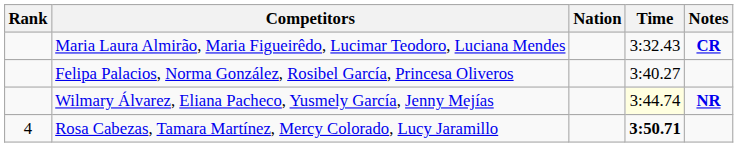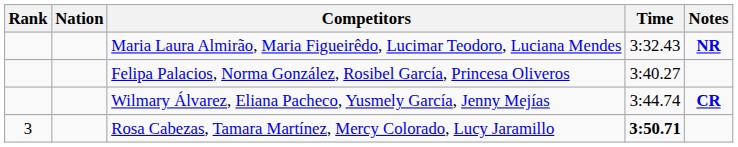 <table class="wikitable sortable" style="text-align:center; font-size:95%">
 <tr>
 <th>Rank</th>
+<th>Nation</th>
 <th>Competitors</th>
-<th>Nation</th>
 <th>Time</th>
 <th>Notes</th>
 </tr>
 <tr>
 <td></td>
+<td align=left></td>
 <td align=left><a href='#'>Maria Laura Almirão</a>, <a href='#'>Maria Figueirêdo</a>, <a href='#'>Lucimar Teodoro</a>, <a href='#'>Luciana Mendes</a></td>
-<td align=left></td>
 <td>3:32.43</td>
-<td><strong><a href='#'>CR</a></strong></td>
+<td><strong><a href='#'>NR</a></strong></td>
 </tr>
 <tr>
 <td></td>
+<td align=left></td>
 <td align=left><a href='#'>Felipa Palacios</a>, <a href='#'>Norma González</a>, <a href='#'>Rosibel García</a>, <a href='#'>Princesa Oliveros</a></td>
-<td align=left></td>
 <td>3:40.27</td>
 <td></td>
 </tr>
 <tr>
 <td></td>
+<td align=left></td>
 <td align=left><a href='#'>Wilmary Álvarez</a>, <a href='#'>Eliana Pacheco</a>, <a href='#'>Yusmely García</a>, <a href='#'>Jenny Mejías</a></td>
-<td align=left></td>
-<td style="background: lightyellow;">3:44.74</td>
-<td><strong><a href='#'>NR</a></strong></td>
+<td>3:44.74</td>
+<td><strong><a href='#'>CR</a></strong></td>
 </tr>
 <tr>
-<td>4</td>
+<td>3</td>
+<td align=left></td>
 <td align=left><a href='#'>Rosa Cabezas</a>, <a href='#'>Tamara Martínez</a>, <a href='#'>Mercy Colorado</a>, <a href='#'>Lucy Jaramillo</a></td>
-<td align=left></td>
 <td><strong>3:50.71</strong></td>
 <td></td>
 </tr>
 </table>
